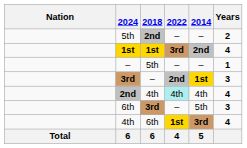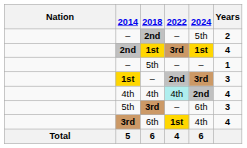 <table class="wikitable" style="text-align:center; font-size:90%">
 <tr>
 <th width=170>Nation</th>
-<th><br><a href='#'>2024</a></th>
+<th><br><a href='#'>2014</a></th>
 <th><br><a href='#'>2018</a></th>
 <th><br><a href='#'>2022</a></th>
-<th><br><a href='#'>2014</a></th>
+<th><br><a href='#'>2024</a></th>
 <th>Years</th>
 </tr>
 <tr>
 <td align=left></td>
-<td>5th</td>
+<td>–</td>
 <td bgcolor=silver><strong>2nd</strong></td>
 <td>–</td>
-<td>–</td>
+<td>5th</td>
 <td><strong>2</strong></td>
 </tr>
 <tr>
 <td align=left></td>
-<td bgcolor=gold><strong>1st</strong></td>
+<td bgcolor=silver><strong>2nd</strong></td>
 <td bgcolor=gold><strong>1st</strong></td>
 <td bgcolor=#cc9966><strong>3rd</strong></td>
-<td bgcolor=silver><strong>2nd</strong></td>
+<td bgcolor=gold><strong>1st</strong></td>
 <td><strong>4</strong></td>
 </tr>
 <tr>
 <td align=left></td>
 <td>–</td>
 <td>5th</td>
 <td>–</td>
 <td>–</td>
 <td><strong>1</strong></td>
 </tr>
 <tr>
 <td align=left></td>
-<td bgcolor=#cc9966><strong>3rd</strong></td>
+<td bgcolor=gold><strong>1st</strong></td>
 <td>–</td>
 <td bgcolor=silver><strong>2nd</strong></td>
-<td bgcolor=gold><strong>1st</strong></td>
-<td><strong>3</strong></td>
-</tr>
-<tr>
-<td align=left></td>
-<td bgcolor=silver><strong>2nd</strong></td>
-<td>4th</td>
-<td style="background: paleturquoise;">4th</td>
-<td>4th</td>
-<td><strong>4</strong></td>
-</tr>
-<tr>
-<td align=left></td>
-<td>6th</td>
 <td bgcolor=#cc9966><strong>3rd</strong></td>
-<td>–</td>
-<td>5th</td>
 <td><strong>3</strong></td>
 </tr>
 <tr>
 <td align=left></td>
 <td>4th</td>
+<td>4th</td>
+<td style="background: paleturquoise;">4th</td>
+<td bgcolor=silver><strong>2nd</strong></td>
+<td><strong>4</strong></td>
+</tr>
+<tr>
+<td align=left></td>
+<td>5th</td>
+<td bgcolor=#cc9966><strong>3rd</strong></td>
+<td>–</td>
+<td>6th</td>
+<td><strong>3</strong></td>
+</tr>
+<tr>
+<td align=left></td>
+<td bgcolor=#cc9966><strong>3rd</strong></td>
 <td>6th</td>
 <td bgcolor=gold><strong>1st</strong></td>
-<td bgcolor=#cc9966><strong>3rd</strong></td>
+<td>4th</td>
 <td><strong>4</strong></td>
 </tr>
 <tr>
 <th>Total</th>
-<th>6</th>
+<th>5</th>
 <th>6</th>
 <th>4</th>
-<th>5</th>
+<th>6</th>
 <th></th>
 </tr>
 </table>
